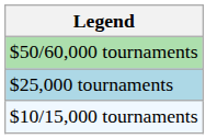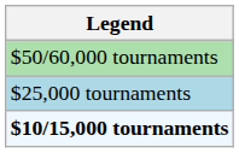 <table class=wikitable style="font-size:85%">
 <tr>
 <th>Legend</th>
 </tr>
 <tr style="background:#addfad;">
 <td>$50/60,000 tournaments</td>
 </tr>
 <tr style="background:lightblue;">
 <td>$25,000 tournaments</td>
 </tr>
 <tr style="background:#f0f8ff;">
-<td>$10/15,000 tournaments</td>
+<td><strong>$10/15,000 tournaments</strong></td>
 </tr>
 </table>
